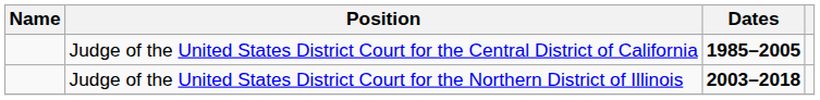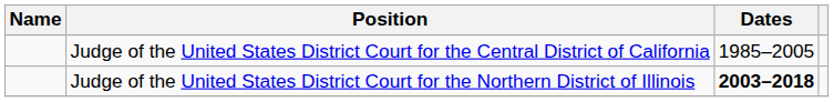 <table class="wikitable sortable">
 <tr>
 <th>Name</th>
 <th>Position</th>
 <th>Dates</th>
 <th class="unsortable"></th>
 </tr>
 <tr>
 <td></td>
 <td>Judge of the <a href='#'>United States District Court for the Central District of California</a></td>
-<td><strong>1985–2005</strong></td>
+<td>1985–2005</td>
 <td align=center></td>
 </tr>
 <tr>
 <td></td>
 <td>Judge of the <a href='#'>United States District Court for the Northern District of Illinois</a></td>
 <td><strong>2003–2018</strong></td>
 <td align=center></td>
 </tr>
 <tr>
 </tr>
 </table>
